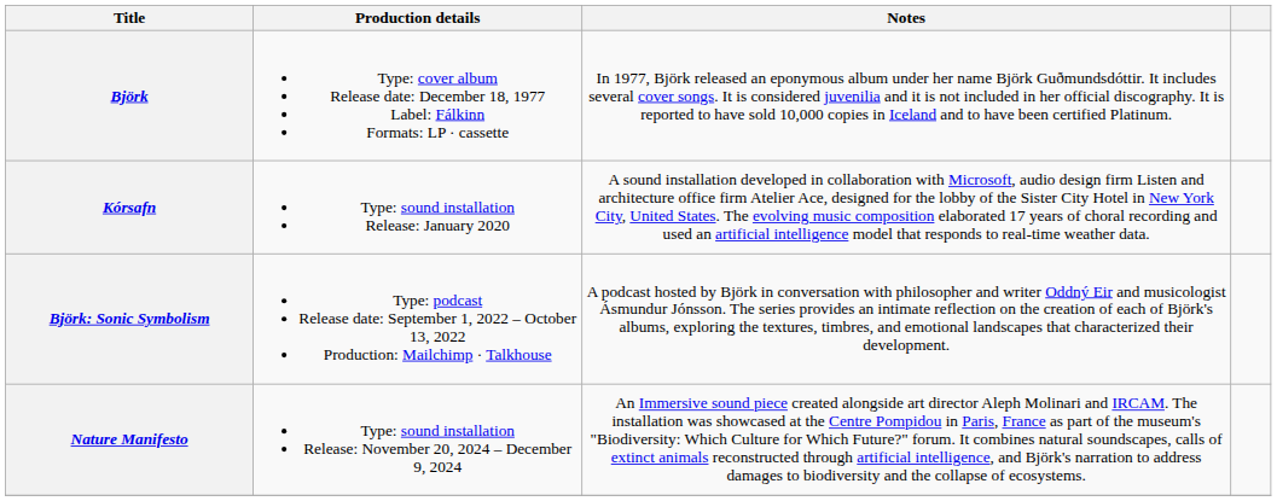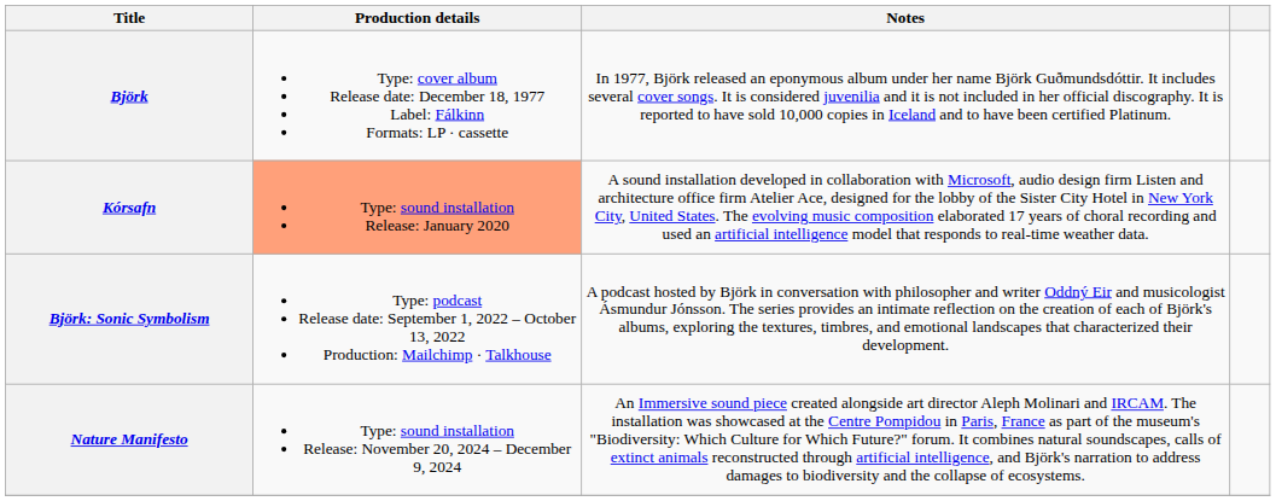 <table class="wikitable plainrowheaders" style="text-align:center;">
 <tr>
 <th scope="col" style="width:15em;">Title</th>
 <th scope="col" style="width:20em;" class="unsortable">Production details</th>
 <th scope="col" style="width:40em;" class="unsortable">Notes</th>
 <th scope="col" style="width:2em;" class="unsortable"></th>
 </tr>
 <tr>
 <th scope="row"><em><a href='#'>Björk</a></em></th>
 <td><br><ul><li>Type: <a href='#'>cover album</a></li><li>Release date: December 18, 1977</li><li>Label: <a href='#'>Fálkinn</a></li><li>Formats: LP · cassette</li></ul></td>
 <td>In 1977, Björk released an eponymous album under her name Björk Guðmundsdóttir. It includes several <a href='#'>cover songs</a>. It is considered <a href='#'>juvenilia</a> and it is not included in her official discography. It is reported to have sold 10,000 copies in <a href='#'>Iceland</a> and to have been certified Platinum.</td>
 <td></td>
 </tr>
 <tr>
 <th scope="row"><em><a href='#'>Kórsafn</a></em></th>
-<td><br><ul><li>Type: <a href='#'>sound installation</a></li><li>Release: January 2020</li></ul></td>
+<td style="background: lightsalmon;"><br><ul><li>Type: <a href='#'>sound installation</a></li><li>Release: January 2020</li></ul></td>
 <td>A sound installation developed in collaboration with <a href='#'>Microsoft</a>, audio design firm Listen and architecture office firm Atelier Ace, designed for the lobby of the Sister City Hotel in <a href='#'>New York City</a>, <a href='#'>United States</a>. The <a href='#'>evolving music composition</a> elaborated 17 years of choral recording and used an <a href='#'>artificial intelligence</a> model that responds to real-time weather data.</td>
 <td></td>
 </tr>
 <tr>
 <th scope="row"><em><a href='#'>Björk: Sonic Symbolism</a></em></th>
 <td><br><ul><li>Type: <a href='#'>podcast</a></li><li>Release date: September 1, 2022 – October 13, 2022</li><li>Production: <a href='#'>Mailchimp</a> · <a href='#'>Talkhouse</a></li></ul></td>
 <td>A podcast hosted by Björk in conversation with philosopher and writer <a href='#'>Oddný Eir</a> and musicologist Ásmundur Jónsson. The series provides an intimate reflection on the creation of each of Björk's albums, exploring the textures, timbres, and emotional landscapes that characterized their development.</td>
 <td></td>
 </tr>
 <tr>
 <th scope="row"><em><a href='#'>Nature Manifesto</a></em></th>
 <td><br><ul><li>Type: <a href='#'>sound installation</a></li><li>Release: November 20, 2024 – December 9, 2024</li></ul></td>
 <td>An <a href='#'>Immersive sound piece</a> created alongside art director Aleph Molinari and <a href='#'>IRCAM</a>. The installation was showcased at the <a href='#'>Centre Pompidou</a> in <a href='#'>Paris</a>, <a href='#'>France</a> as part of the museum's "Biodiversity: Which Culture for Which Future?" forum. It combines natural soundscapes, calls of <a href='#'>extinct animals</a> reconstructed through <a href='#'>artificial intelligence</a>, and Björk's narration to address damages to biodiversity and the collapse of ecosystems.</td>
 <td></td>
 </tr>
 <tr>
 </tr>
 </table>
